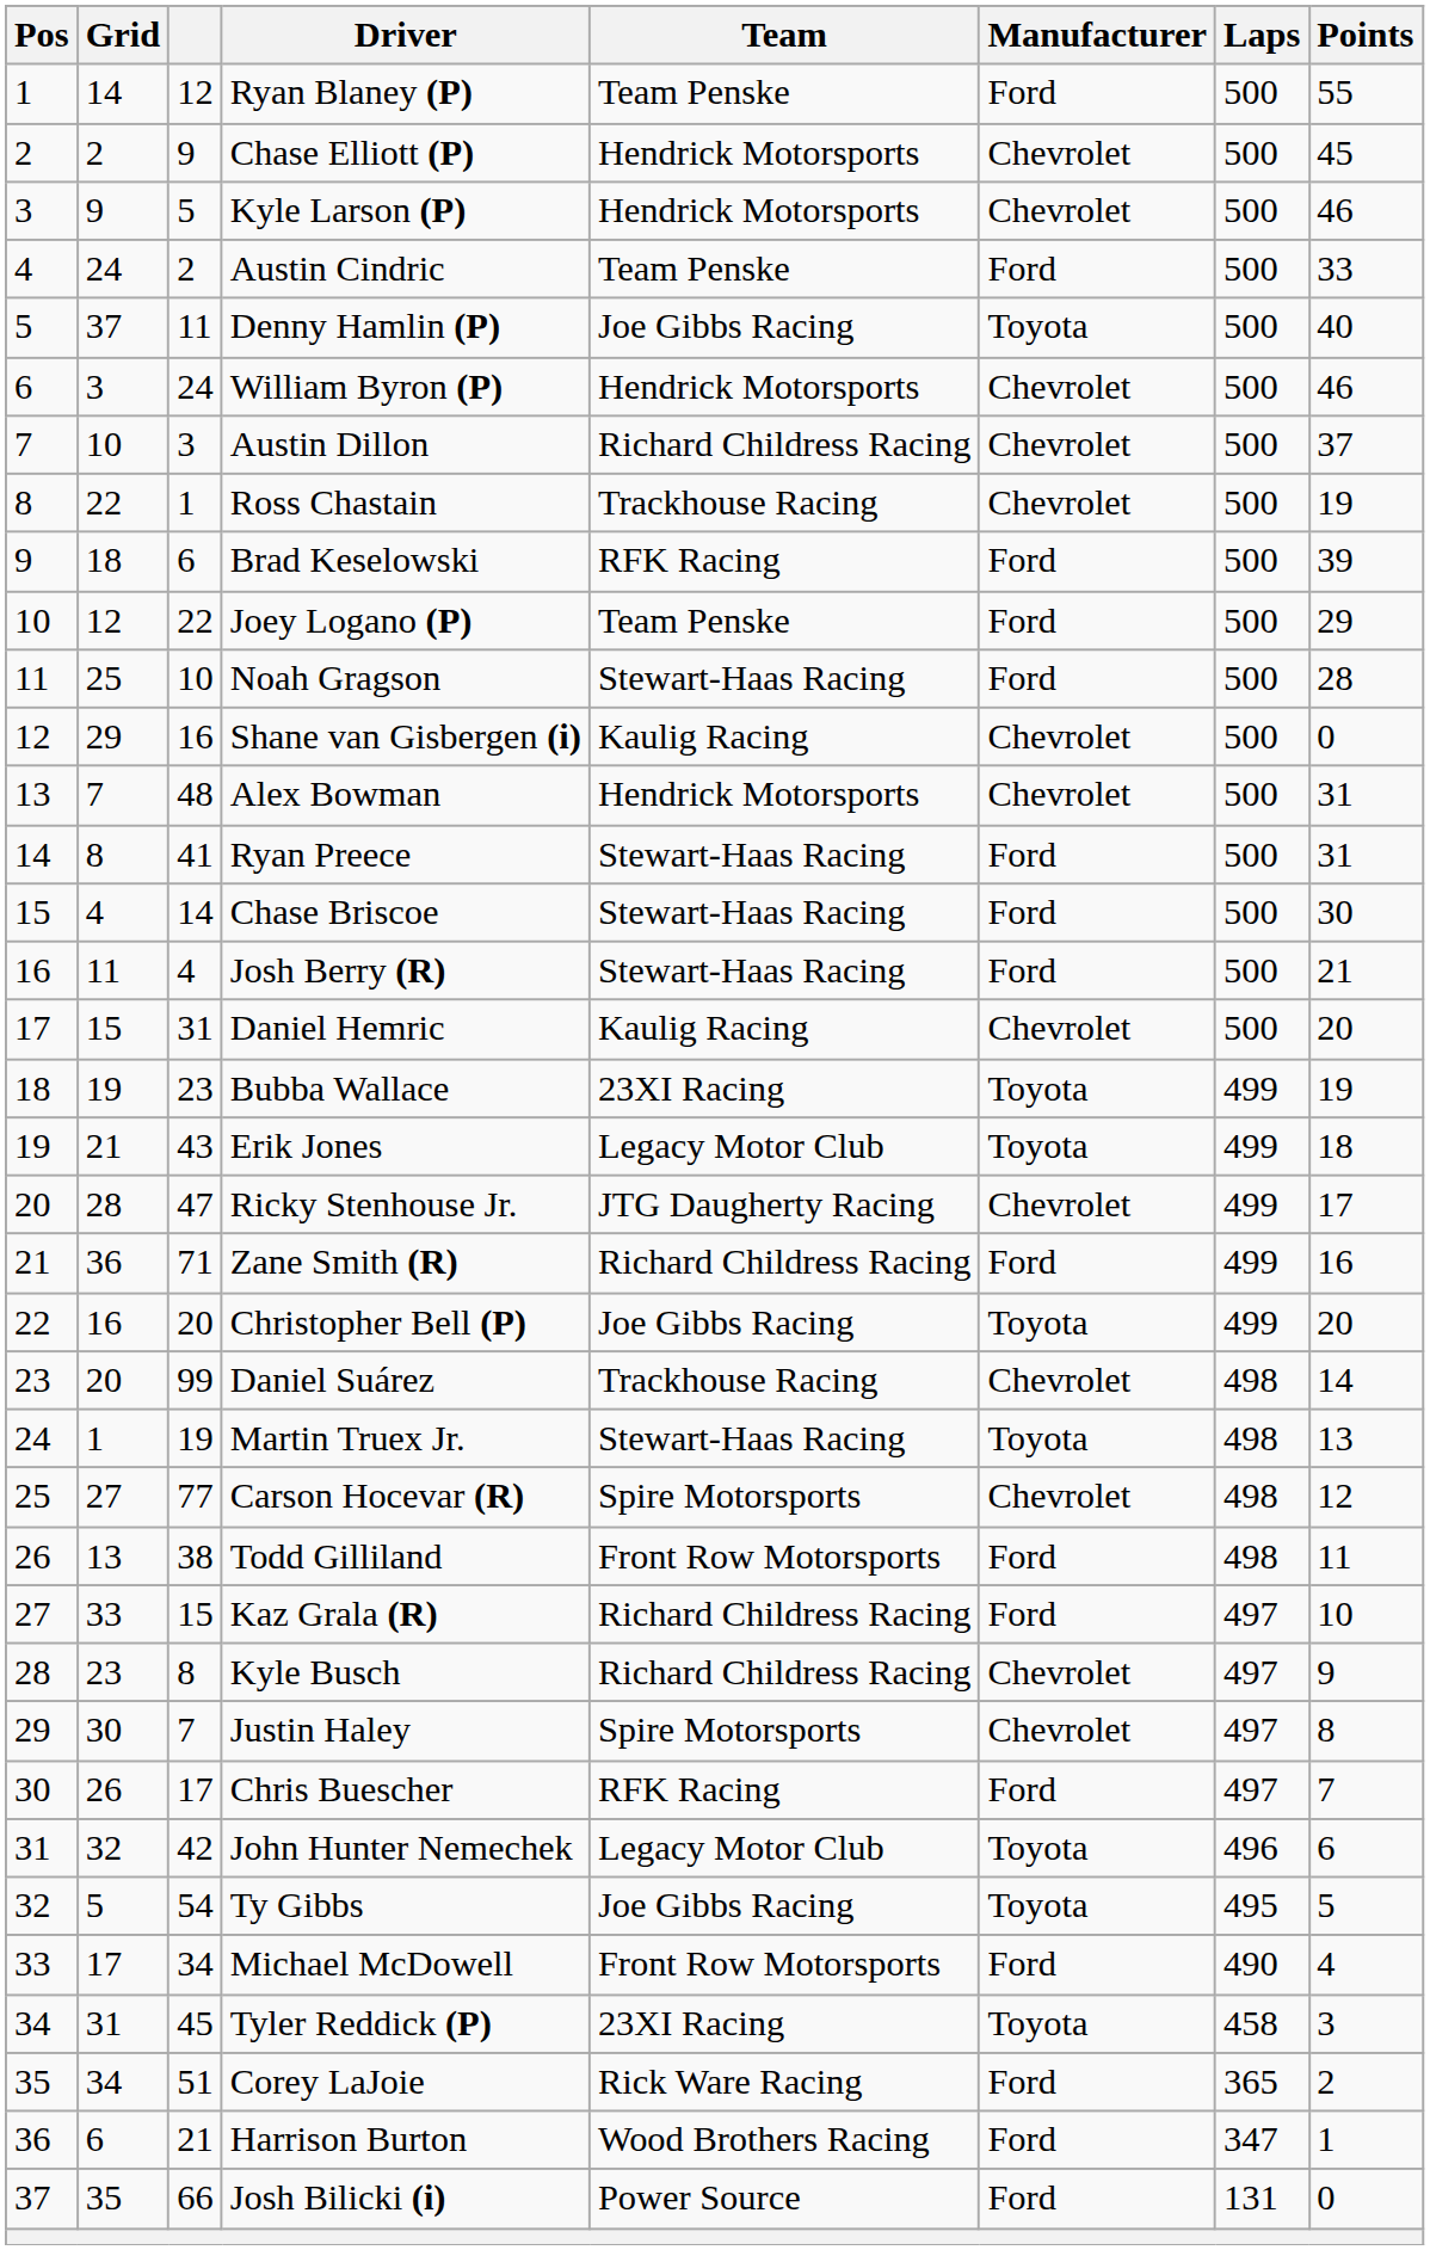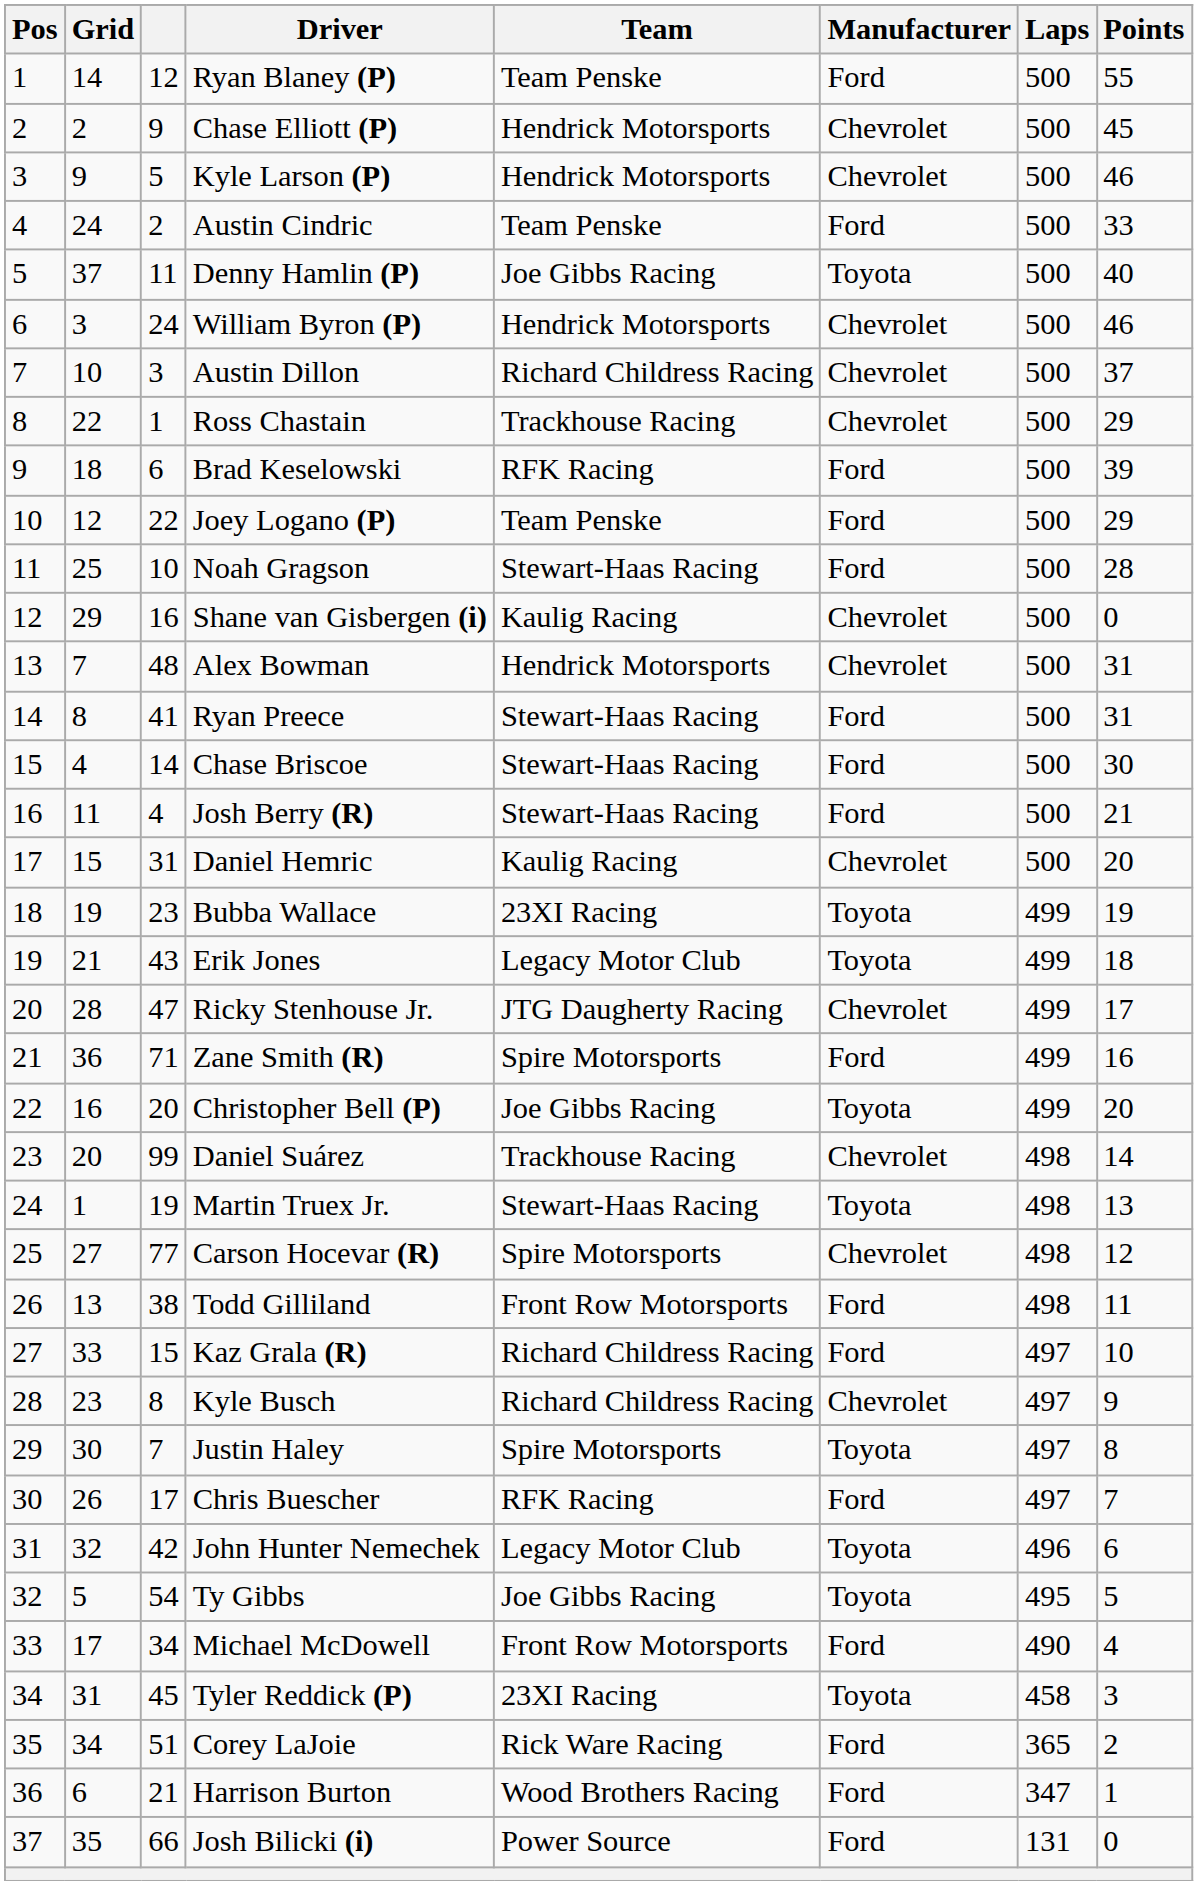 <table class="wikitable" style="font-size:98%">
 <tr>
 <th>Pos</th>
 <th>Grid</th>
 <th></th>
 <th>Driver</th>
 <th>Team</th>
 <th>Manufacturer</th>
 <th>Laps</th>
 <th>Points</th>
 </tr>
 <tr>
 <td>1</td>
 <td>14</td>
 <td>12</td>
 <td>Ryan Blaney <strong>(P)</strong></td>
 <td>Team Penske</td>
 <td>Ford</td>
 <td>500</td>
 <td>55</td>
 </tr>
 <tr>
 <td>2</td>
 <td>2</td>
 <td>9</td>
 <td>Chase Elliott <strong>(P)</strong></td>
 <td>Hendrick Motorsports</td>
 <td>Chevrolet</td>
 <td>500</td>
 <td>45</td>
 </tr>
 <tr>
 <td>3</td>
 <td>9</td>
 <td>5</td>
 <td>Kyle Larson <strong>(P)</strong></td>
 <td>Hendrick Motorsports</td>
 <td>Chevrolet</td>
 <td>500</td>
 <td>46</td>
 </tr>
 <tr>
 <td>4</td>
 <td>24</td>
 <td>2</td>
 <td>Austin Cindric</td>
 <td>Team Penske</td>
 <td>Ford</td>
 <td>500</td>
 <td>33</td>
 </tr>
 <tr>
 <td>5</td>
 <td>37</td>
 <td>11</td>
 <td>Denny Hamlin <strong>(P)</strong></td>
 <td>Joe Gibbs Racing</td>
 <td>Toyota</td>
 <td>500</td>
 <td>40</td>
 </tr>
 <tr>
 <td>6</td>
 <td>3</td>
 <td>24</td>
 <td>William Byron <strong>(P)</strong></td>
 <td>Hendrick Motorsports</td>
 <td>Chevrolet</td>
 <td>500</td>
 <td>46</td>
 </tr>
 <tr>
 <td>7</td>
 <td>10</td>
 <td>3</td>
 <td>Austin Dillon</td>
 <td>Richard Childress Racing</td>
 <td>Chevrolet</td>
 <td>500</td>
 <td>37</td>
 </tr>
 <tr>
 <td>8</td>
 <td>22</td>
 <td>1</td>
 <td>Ross Chastain</td>
 <td>Trackhouse Racing</td>
 <td>Chevrolet</td>
 <td>500</td>
-<td>19</td>
+<td>29</td>
 </tr>
 <tr>
 <td>9</td>
 <td>18</td>
 <td>6</td>
 <td>Brad Keselowski</td>
 <td>RFK Racing</td>
 <td>Ford</td>
 <td>500</td>
 <td>39</td>
 </tr>
 <tr>
 <td>10</td>
 <td>12</td>
 <td>22</td>
 <td>Joey Logano <strong>(P)</strong></td>
 <td>Team Penske</td>
 <td>Ford</td>
 <td>500</td>
 <td>29</td>
 </tr>
 <tr>
 <td>11</td>
 <td>25</td>
 <td>10</td>
 <td>Noah Gragson</td>
 <td>Stewart-Haas Racing</td>
 <td>Ford</td>
 <td>500</td>
 <td>28</td>
 </tr>
 <tr>
 <td>12</td>
 <td>29</td>
 <td>16</td>
 <td>Shane van Gisbergen <strong>(i)</strong></td>
 <td>Kaulig Racing</td>
 <td>Chevrolet</td>
 <td>500</td>
 <td>0</td>
 </tr>
 <tr>
 <td>13</td>
 <td>7</td>
 <td>48</td>
 <td>Alex Bowman</td>
 <td>Hendrick Motorsports</td>
 <td>Chevrolet</td>
 <td>500</td>
 <td>31</td>
 </tr>
 <tr>
 <td>14</td>
 <td>8</td>
 <td>41</td>
 <td>Ryan Preece</td>
 <td>Stewart-Haas Racing</td>
 <td>Ford</td>
 <td>500</td>
 <td>31</td>
 </tr>
 <tr>
 <td>15</td>
 <td>4</td>
 <td>14</td>
 <td>Chase Briscoe</td>
 <td>Stewart-Haas Racing</td>
 <td>Ford</td>
 <td>500</td>
 <td>30</td>
 </tr>
 <tr>
 <td>16</td>
 <td>11</td>
 <td>4</td>
 <td>Josh Berry <strong>(R)</strong></td>
 <td>Stewart-Haas Racing</td>
 <td>Ford</td>
 <td>500</td>
 <td>21</td>
 </tr>
 <tr>
 <td>17</td>
 <td>15</td>
 <td>31</td>
 <td>Daniel Hemric</td>
 <td>Kaulig Racing</td>
 <td>Chevrolet</td>
 <td>500</td>
 <td>20</td>
 </tr>
 <tr>
 <td>18</td>
 <td>19</td>
 <td>23</td>
 <td>Bubba Wallace</td>
 <td>23XI Racing</td>
 <td>Toyota</td>
 <td>499</td>
 <td>19</td>
 </tr>
 <tr>
 <td>19</td>
 <td>21</td>
 <td>43</td>
 <td>Erik Jones</td>
 <td>Legacy Motor Club</td>
 <td>Toyota</td>
 <td>499</td>
 <td>18</td>
 </tr>
 <tr>
 <td>20</td>
 <td>28</td>
 <td>47</td>
 <td>Ricky Stenhouse Jr.</td>
 <td>JTG Daugherty Racing</td>
 <td>Chevrolet</td>
 <td>499</td>
 <td>17</td>
 </tr>
 <tr>
 <td>21</td>
 <td>36</td>
 <td>71</td>
 <td>Zane Smith <strong>(R)</strong></td>
-<td>Richard Childress Racing</td>
+<td>Spire Motorsports</td>
 <td>Ford</td>
 <td>499</td>
 <td>16</td>
 </tr>
 <tr>
 <td>22</td>
 <td>16</td>
 <td>20</td>
 <td>Christopher Bell <strong>(P)</strong></td>
 <td>Joe Gibbs Racing</td>
 <td>Toyota</td>
 <td>499</td>
 <td>20</td>
 </tr>
 <tr>
 <td>23</td>
 <td>20</td>
 <td>99</td>
 <td>Daniel Suárez</td>
 <td>Trackhouse Racing</td>
 <td>Chevrolet</td>
 <td>498</td>
 <td>14</td>
 </tr>
 <tr>
 <td>24</td>
 <td>1</td>
 <td>19</td>
 <td>Martin Truex Jr.</td>
 <td>Stewart-Haas Racing</td>
 <td>Toyota</td>
 <td>498</td>
 <td>13</td>
 </tr>
 <tr>
 <td>25</td>
 <td>27</td>
 <td>77</td>
 <td>Carson Hocevar <strong>(R)</strong></td>
 <td>Spire Motorsports</td>
 <td>Chevrolet</td>
 <td>498</td>
 <td>12</td>
 </tr>
 <tr>
 <td>26</td>
 <td>13</td>
 <td>38</td>
 <td>Todd Gilliland</td>
 <td>Front Row Motorsports</td>
 <td>Ford</td>
 <td>498</td>
 <td>11</td>
 </tr>
 <tr>
 <td>27</td>
 <td>33</td>
 <td>15</td>
 <td>Kaz Grala <strong>(R)</strong></td>
 <td>Richard Childress Racing</td>
 <td>Ford</td>
 <td>497</td>
 <td>10</td>
 </tr>
 <tr>
 <td>28</td>
 <td>23</td>
 <td>8</td>
 <td>Kyle Busch</td>
 <td>Richard Childress Racing</td>
 <td>Chevrolet</td>
 <td>497</td>
 <td>9</td>
 </tr>
 <tr>
 <td>29</td>
 <td>30</td>
 <td>7</td>
 <td>Justin Haley</td>
 <td>Spire Motorsports</td>
-<td>Chevrolet</td>
+<td>Toyota</td>
 <td>497</td>
 <td>8</td>
 </tr>
 <tr>
 <td>30</td>
 <td>26</td>
 <td>17</td>
 <td>Chris Buescher</td>
 <td>RFK Racing</td>
 <td>Ford</td>
 <td>497</td>
 <td>7</td>
 </tr>
 <tr>
 <td>31</td>
 <td>32</td>
 <td>42</td>
 <td>John Hunter Nemechek</td>
 <td>Legacy Motor Club</td>
 <td>Toyota</td>
 <td>496</td>
 <td>6</td>
 </tr>
 <tr>
 <td>32</td>
 <td>5</td>
 <td>54</td>
 <td>Ty Gibbs</td>
 <td>Joe Gibbs Racing</td>
 <td>Toyota</td>
 <td>495</td>
 <td>5</td>
 </tr>
 <tr>
 <td>33</td>
 <td>17</td>
 <td>34</td>
 <td>Michael McDowell</td>
 <td>Front Row Motorsports</td>
 <td>Ford</td>
 <td>490</td>
 <td>4</td>
 </tr>
 <tr>
 <td>34</td>
 <td>31</td>
 <td>45</td>
 <td>Tyler Reddick <strong>(P)</strong></td>
 <td>23XI Racing</td>
 <td>Toyota</td>
 <td>458</td>
 <td>3</td>
 </tr>
 <tr>
 <td>35</td>
 <td>34</td>
 <td>51</td>
 <td>Corey LaJoie</td>
 <td>Rick Ware Racing</td>
 <td>Ford</td>
 <td>365</td>
 <td>2</td>
 </tr>
 <tr>
 <td>36</td>
 <td>6</td>
 <td>21</td>
 <td>Harrison Burton</td>
 <td>Wood Brothers Racing</td>
 <td>Ford</td>
 <td>347</td>
 <td>1</td>
 </tr>
 <tr>
 <td>37</td>
 <td>35</td>
 <td>66</td>
 <td>Josh Bilicki <strong>(i)</strong></td>
 <td>Power Source</td>
 <td>Ford</td>
 <td>131</td>
 <td>0</td>
 </tr>
 <tr>
 <th colspan="8"></th>
 </tr>
 </table>
